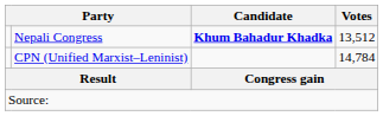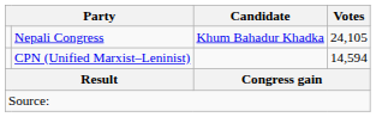 <table class="wikitable">
 <tr>
 <th colspan="2">Party</th>
 <th>Candidate</th>
 <th>Votes</th>
 </tr>
 <tr>
 <td style="background-color:"></td>
 <td><a href='#'>Nepali Congress</a></td>
-<td><strong><a href='#'>Khum Bahadur Khadka</a></strong></td>
-<td>13,512</td>
+<td><a href='#'>Khum Bahadur Khadka</a></td>
+<td>24,105</td>
 </tr>
 <tr>
 <td style="background-color:"></td>
 <td><a href='#'>CPN (Unified Marxist–Leninist)</a></td>
 <td></td>
-<td>14,784</td>
+<td>14,594</td>
 </tr>
 <tr>
 <th colspan="2">Result</th>
 <th colspan="2">Congress gain</th>
 </tr>
 <tr>
 <td colspan="4">Source: </td>
 </tr>
 </table>
